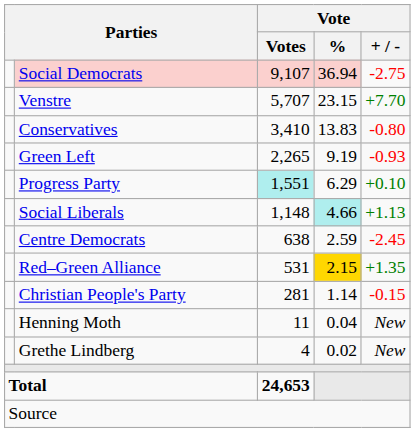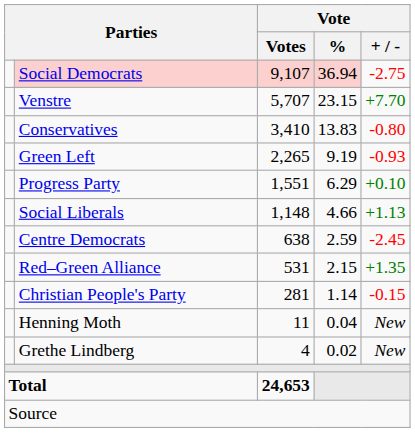 <table class="wikitable" style="text-align:right;">
 <tr>
 <th style="text-align:centre;" rowspan="2" colspan="2" width="225">Parties</th>
 <th colspan="3">Vote</th>
 </tr>
 <tr>
 <th width="15">Votes</th>
 <th width="15">%</th>
 <th width="15">+ / -</th>
 </tr>
 <tr>
 <td width="2" style="color:inherit;background:"></td>
 <td bgcolor=#fbd0ce  align="left"><a href='#'>Social Democrats</a></td>
 <td bgcolor=#fbd0ce>9,107</td>
 <td bgcolor=#fbd0ce>36.94</td>
 <td style=color:red;>-2.75</td>
 </tr>
 <tr>
 <td width="2" style="color:inherit;background:"></td>
 <td align="left"><a href='#'>Venstre</a></td>
 <td>5,707</td>
 <td>23.15</td>
 <td style=color:green;>+7.70</td>
 </tr>
 <tr>
 <td width="2" style="color:inherit;background:"></td>
 <td align="left"><a href='#'>Conservatives</a></td>
 <td>3,410</td>
 <td>13.83</td>
 <td style=color:red;>-0.80</td>
 </tr>
 <tr>
 <td width="2" style="color:inherit;background:"></td>
 <td align="left"><a href='#'>Green Left</a></td>
 <td>2,265</td>
 <td>9.19</td>
 <td style=color:red;>-0.93</td>
 </tr>
 <tr>
 <td width="2" style="color:inherit;background:"></td>
 <td align="left"><a href='#'>Progress Party</a></td>
-<td style="background: paleturquoise;">1,551</td>
+<td>1,551</td>
 <td>6.29</td>
 <td style=color:green;>+0.10</td>
 </tr>
 <tr>
 <td width="2" style="color:inherit;background:"></td>
 <td align="left"><a href='#'>Social Liberals</a></td>
 <td>1,148</td>
-<td style="background: paleturquoise;">4.66</td>
+<td>4.66</td>
 <td style=color:green;>+1.13</td>
 </tr>
 <tr>
 <td width="2" style="color:inherit;background:"></td>
 <td align="left"><a href='#'>Centre Democrats</a></td>
 <td>638</td>
 <td>2.59</td>
 <td style=color:red;>-2.45</td>
 </tr>
 <tr>
 <td width="2" style="color:inherit;background:"></td>
 <td align="left"><a href='#'>Red–Green Alliance</a></td>
 <td>531</td>
-<td style="background: gold;">2.15</td>
+<td>2.15</td>
 <td style=color:green;>+1.35</td>
 </tr>
 <tr>
 <td width="2" style="color:inherit;background:"></td>
 <td align="left"><a href='#'>Christian People's Party</a></td>
 <td>281</td>
 <td>1.14</td>
 <td style=color:red;>-0.15</td>
 </tr>
 <tr>
 <td width="2" style="color:inherit;background:"></td>
 <td align="left">Henning Moth</td>
 <td>11</td>
 <td>0.04</td>
 <td><em>New</em></td>
 </tr>
 <tr>
 <td width="2" style="color:inherit;background:"></td>
 <td align="left">Grethe Lindberg</td>
 <td>4</td>
 <td>0.02</td>
 <td><em>New</em></td>
 </tr>
 <tr>
 <td colspan="7" bgcolor="#E9E9E9"></td>
 </tr>
 <tr>
 <td align="left" colspan="2"><strong>Total</strong></td>
 <td><strong>24,653</strong></td>
 <td bgcolor="#E9E9E9" colspan="2"></td>
 </tr>
 <tr>
 <td align="left" colspan="6">Source</td>
 </tr>
 </table>
